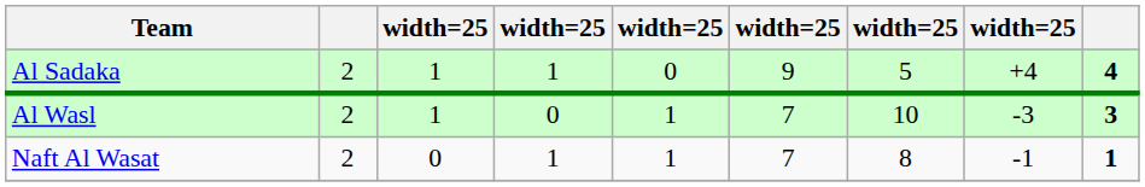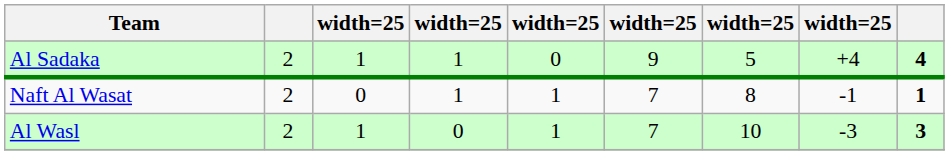 <table class="wikitable" style="text-align: center; font-size: 90%;">
 <tr>
 <th width="165">Team</th>
 <th width=25></th>
 <th>width=25</th>
 <th>width=25</th>
 <th>width=25</th>
 <th>width=25</th>
 <th>width=25</th>
 <th>width=25</th>
 <th width=25></th>
 </tr>
 <tr align=center bgcolor="ccffcc">
 <td style="text-align:left;"> <a href='#'>Al Sadaka</a></td>
 <td>2</td>
 <td>1</td>
 <td>1</td>
 <td>0</td>
 <td>9</td>
 <td>5</td>
 <td>+4</td>
 <td><strong>4</strong></td>
 </tr>
 <tr style="border-bottom:3px solid green;">
 </tr>
+<tr>
+<td style="text-align:left;"> <a href='#'>Naft Al Wasat</a></td>
+<td>2</td>
+<td>0</td>
+<td>1</td>
+<td>1</td>
+<td>7</td>
+<td>8</td>
+<td>-1</td>
+<td><strong>1</strong></td>
+</tr>
 <tr align=center bgcolor="ccffcc">
 <td style="text-align:left;"> <a href='#'>Al Wasl</a></td>
 <td>2</td>
 <td>1</td>
 <td>0</td>
 <td>1</td>
 <td>7</td>
 <td>10</td>
 <td>-3</td>
 <td><strong>3</strong></td>
 </tr>
 <tr>
-<td style="text-align:left;"> <a href='#'>Naft Al Wasat</a></td>
-<td>2</td>
-<td>0</td>
-<td>1</td>
-<td>1</td>
-<td>7</td>
-<td>8</td>
-<td>-1</td>
-<td><strong>1</strong></td>
-</tr>
-<tr>
 </tr>
 </table>
